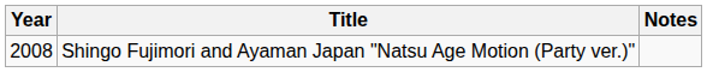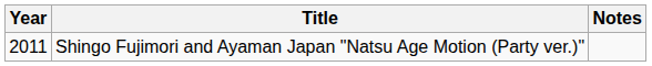 <table class="wikitable">
 <tr>
 <th>Year</th>
 <th>Title</th>
 <th>Notes</th>
 </tr>
 <tr>
-<td>2008</td>
+<td>2011</td>
 <td>Shingo Fujimori and Ayaman Japan "Natsu Age Motion (Party ver.)"</td>
 <td></td>
 </tr>
 </table>
